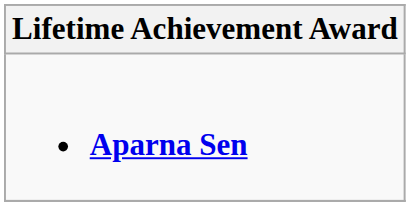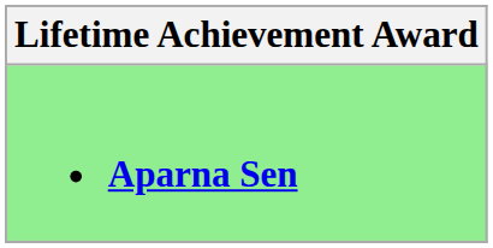 <table class="wikitable">
 <tr>
 <th colspan=2; style="text-align: left;">Lifetime Achievement Award</th>
 </tr>
 <tr>
-<td><br><ul><li><strong><a href='#'>Aparna Sen</a></strong></li></ul></td>
+<td style="background: lightgreen;"><br><ul><li><strong><a href='#'>Aparna Sen</a></strong></li></ul></td>
 </tr>
 <tr>
 </tr>
 </table>
